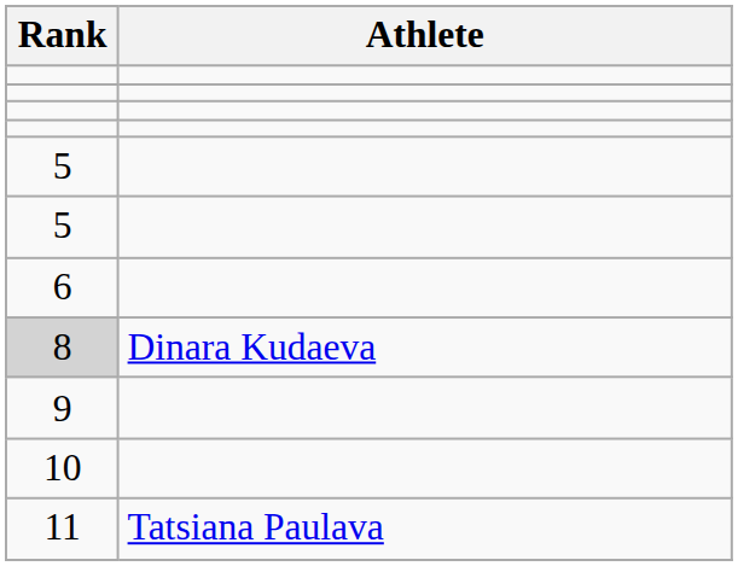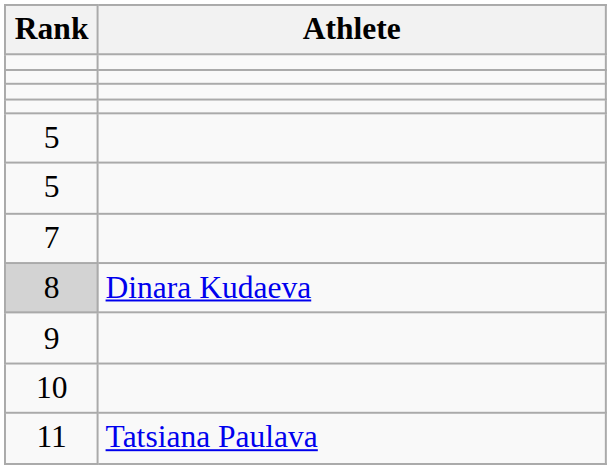 <table class="wikitable" style="text-align: center;">
 <tr>
 <th width=40>Rank</th>
 <th width=250>Athlete</th>
 </tr>
 <tr>
 <td></td>
 <td align="left"></td>
 </tr>
 <tr>
 <td></td>
 <td align="left"></td>
 </tr>
 <tr>
 <td></td>
 <td align="left"></td>
 </tr>
 <tr>
 <td></td>
 <td align="left"></td>
 </tr>
 <tr>
 <td>5</td>
 <td align="left"></td>
 </tr>
 <tr>
 <td>5</td>
 <td align="left"></td>
 </tr>
 <tr>
-<td>6</td>
+<td>7</td>
 <td align="left"></td>
 </tr>
 <tr>
 <td style="background: lightgrey;">8</td>
 <td align="left"> <a href='#'>Dinara Kudaeva</a> </td>
 </tr>
 <tr>
 <td>9</td>
 <td align="left"></td>
 </tr>
 <tr>
 <td>10</td>
 <td align="left"></td>
 </tr>
 <tr>
 <td>11</td>
 <td align="left"> <a href='#'>Tatsiana Paulava</a> </td>
 </tr>
 </table>
